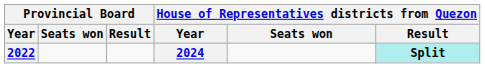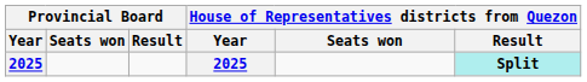 <table class="wikitable" style="text-align:center; font-size:90%">
 <tr>
 <th colspan="3">Provincial Board</th>
 <th colspan="3"><a href='#'>House of Representatives</a> districts from <a href='#'>Quezon</a></th>
 </tr>
 <tr>
 <th>Year</th>
 <th>Seats won</th>
 <th>Result</th>
 <th>Year</th>
 <th>Seats won</th>
 <th>Result</th>
 </tr>
 <tr>
-<th><a href='#'>2022</a></th>
+<th><a href='#'>2025</a></th>
 <td></td>
 <td></td>
-<th><a href='#'>2024</a></th>
+<th><a href='#'>2025</a></th>
 <td></td>
 <td style="background: paleturquoise;"><strong>Split</strong></td>
 </tr>
 </table>
